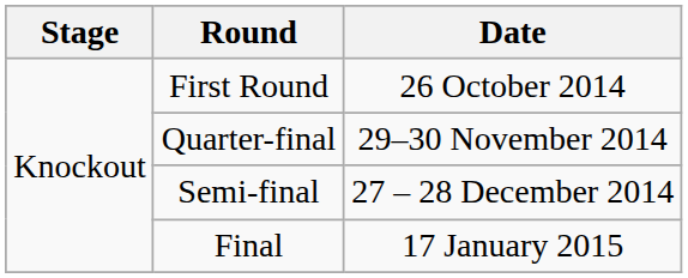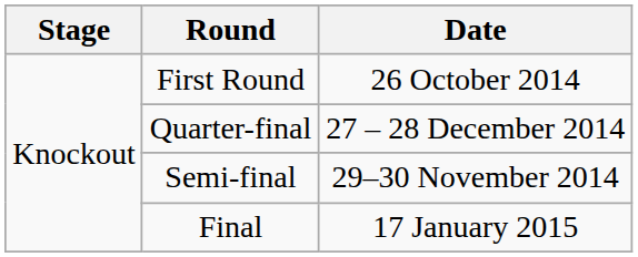 <table class="wikitable" border="1">
 <tr>
 <th>Stage</th>
 <th>Round</th>
 <th>Date</th>
 </tr>
 <tr align="center">
 <td rowspan=4>Knockout</td>
 <td>First Round</td>
 <td>26 October 2014</td>
 </tr>
 <tr align="center">
 <td>Quarter-final</td>
-<td>29–30 November 2014</td>
+<td>27 – 28 December 2014</td>
 </tr>
 <tr align="center">
 <td>Semi-final</td>
-<td>27 – 28 December 2014</td>
+<td>29–30 November 2014</td>
 </tr>
 <tr align="center">
 <td>Final</td>
 <td colspan="2">17 January 2015</td>
 </tr>
 </table>
